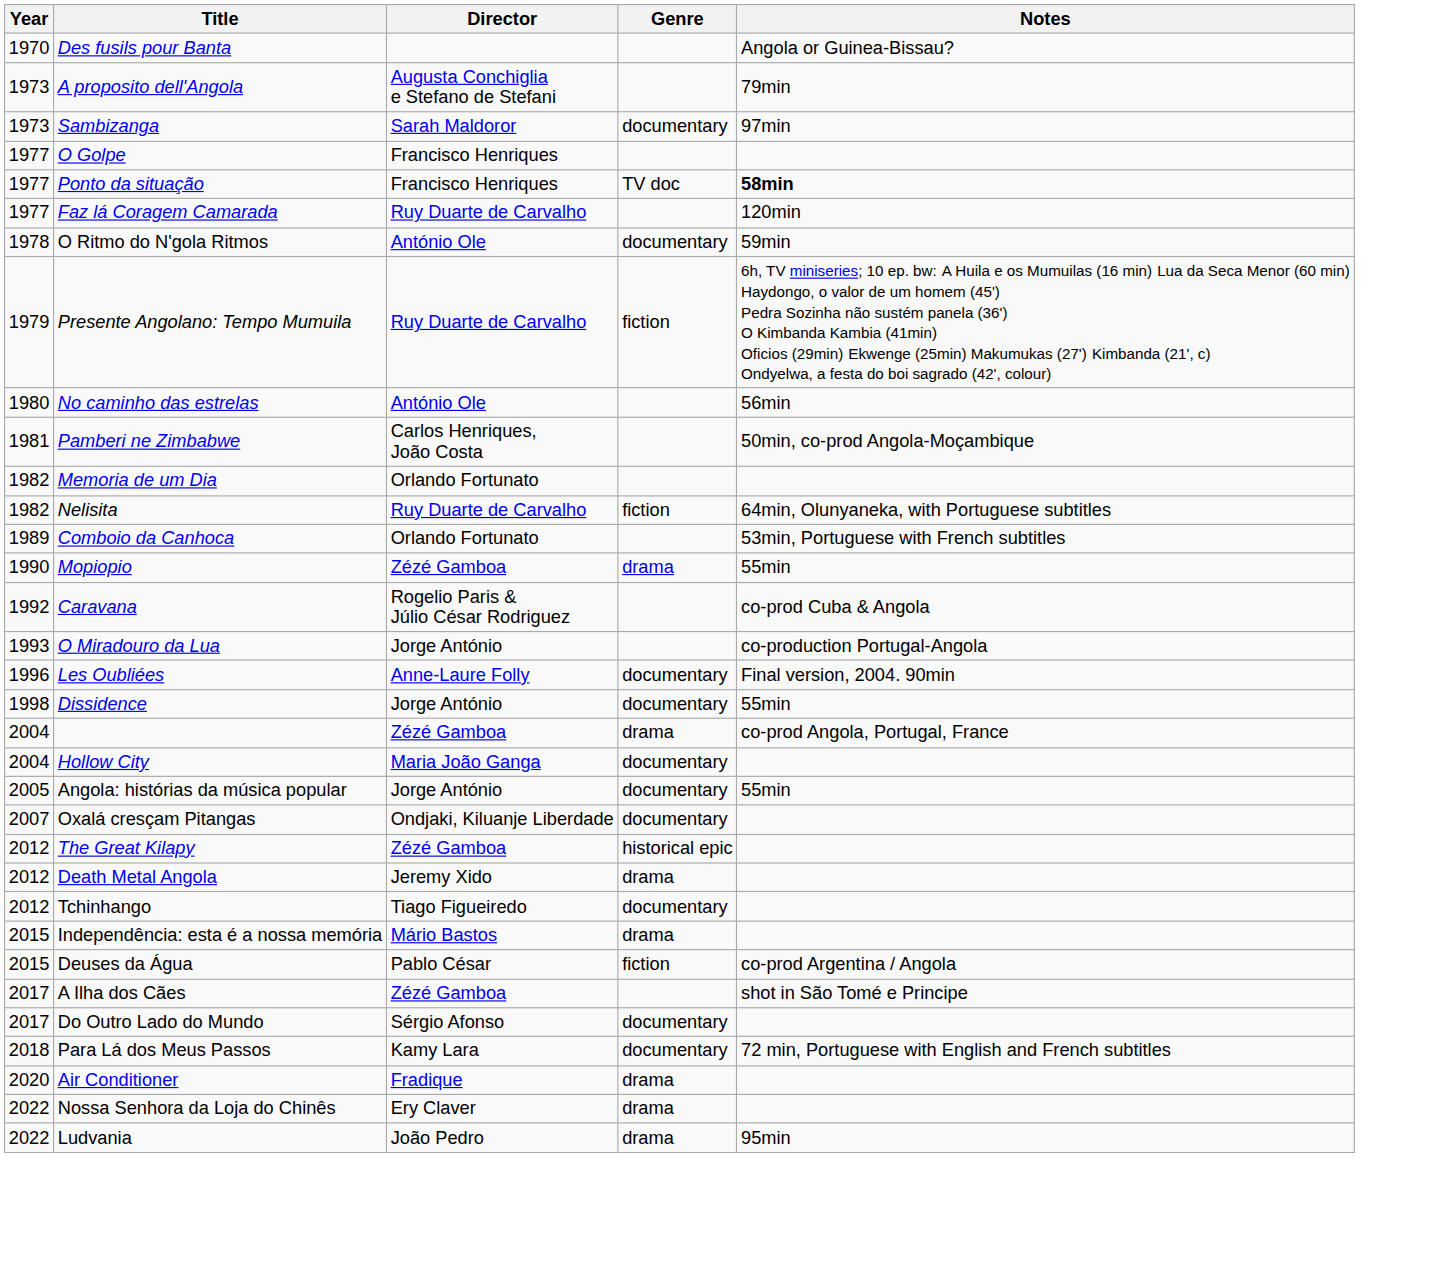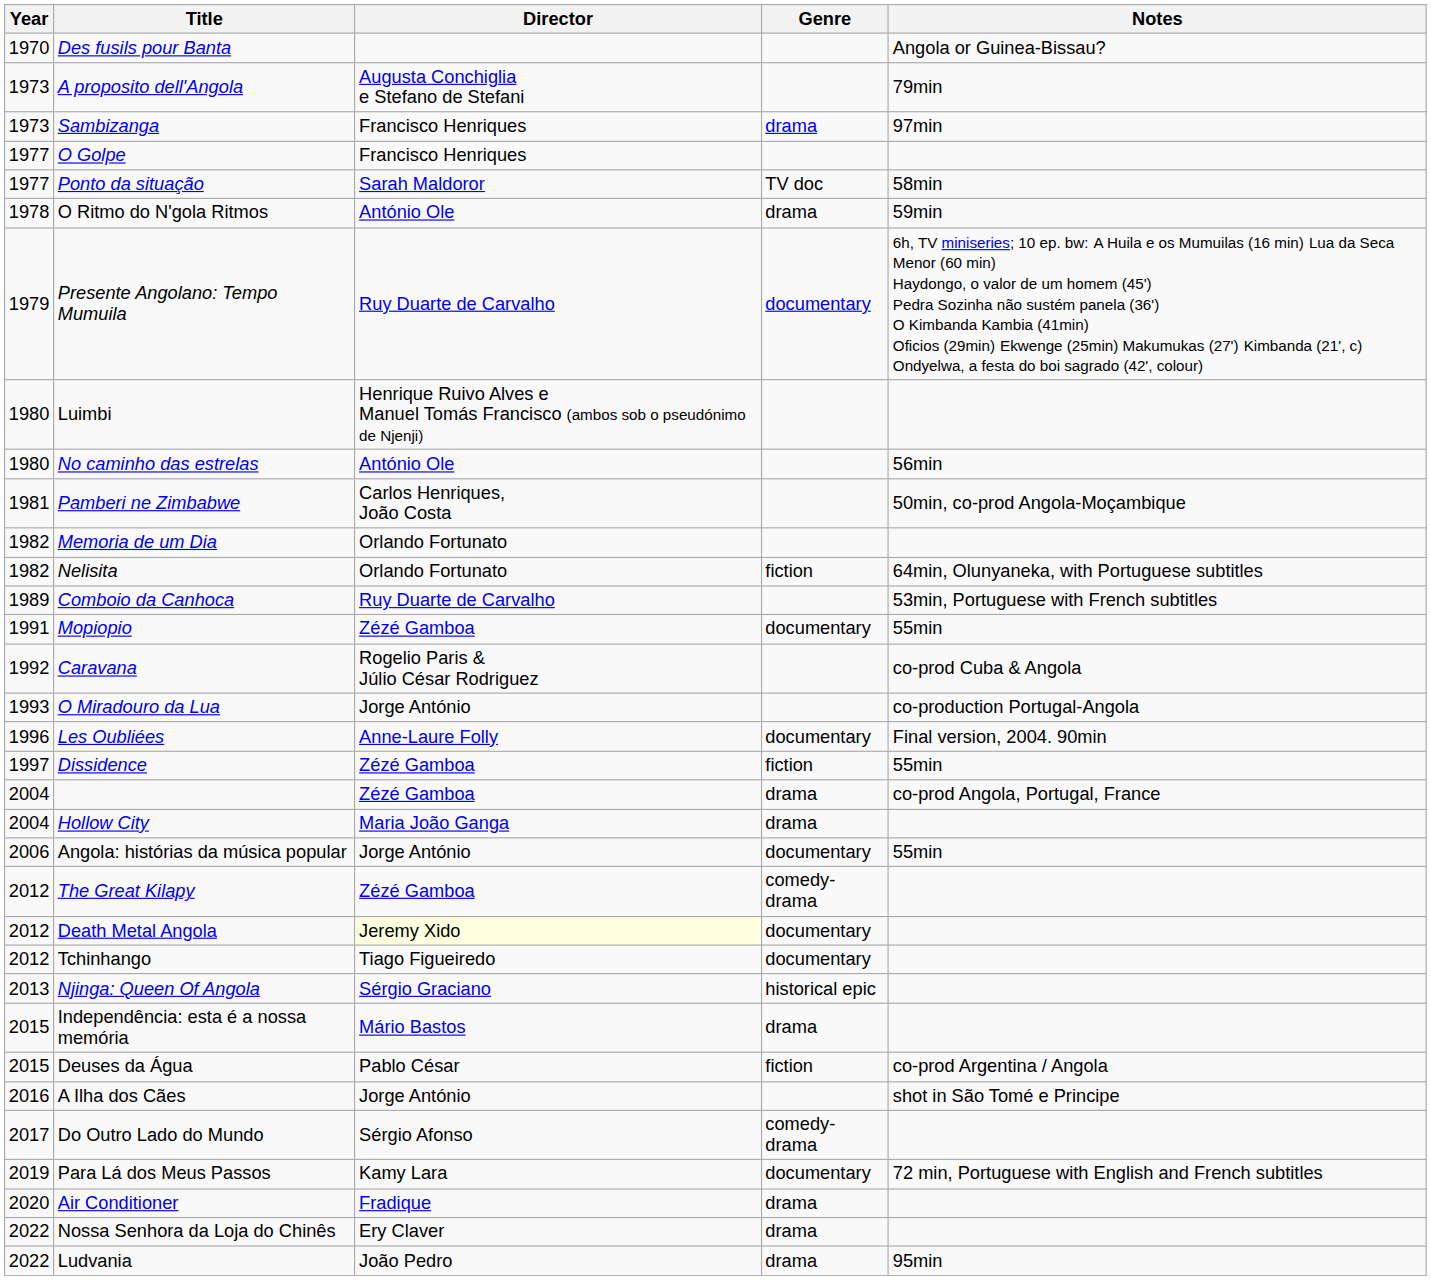 <table class="wikitable sortable sticky-header">
 <tr>
 <th>Year</th>
 <th>Title</th>
 <th>Director</th>
 <th>Genre</th>
 <th class="unsortable">Notes</th>
 </tr>
 <tr>
 <td>1970</td>
 <td><em><a href='#'>Des fusils pour Banta</a></em></td>
 <td></td>
 <td></td>
 <td>Angola or Guinea-Bissau?</td>
 </tr>
 <tr>
 <td>1973</td>
 <td><em><a href='#'>A proposito dell'Angola</a></em></td>
 <td><a href='#'>Augusta Conchiglia</a><br>e Stefano de Stefani</td>
 <td></td>
 <td>79min</td>
 </tr>
 <tr>
 <td>1973</td>
 <td><em><a href='#'>Sambizanga</a></em></td>
-<td><a href='#'>Sarah Maldoror</a></td>
-<td>documentary</td>
+<td>Francisco Henriques</td>
+<td><a href='#'>drama</a></td>
 <td>97min</td>
 </tr>
 <tr>
 <td>1977</td>
 <td><em><a href='#'>O Golpe</a></em></td>
 <td>Francisco Henriques</td>
 <td></td>
 <td></td>
 </tr>
 <tr>
 <td>1977</td>
 <td><em><a href='#'>Ponto da situação</a></em></td>
-<td>Francisco Henriques</td>
+<td><a href='#'>Sarah Maldoror</a></td>
 <td>TV doc</td>
-<td><strong>58min</strong></td>
-</tr>
-<tr>
-<td>1977</td>
-<td><em><a href='#'>Faz lá Coragem Camarada</a></em></td>
-<td><a href='#'>Ruy Duarte de Carvalho</a></td>
-<td></td>
-<td>120min</td>
+<td>58min</td>
 </tr>
 <tr>
 <td>1978</td>
 <td>O Ritmo do N'gola Ritmos</td>
 <td><a href='#'>António Ole</a></td>
-<td>documentary</td>
+<td>drama</td>
 <td>59min</td>
 </tr>
 <tr>
 <td>1979</td>
 <td><em>Presente Angolano: Tempo Mumuila</em></td>
 <td><a href='#'>Ruy Duarte de Carvalho</a></td>
-<td>fiction</td>
+<td><a href='#'>documentary</a></td>
 <td><small>6h, TV <a href='#'>miniseries</a>; 10 ep. bw:</small> <small>A Huila e os Mumuilas (16 min)</small> <small>Lua da Seca Menor (60 min)</small><br><small>Haydongo, o valor de um homem (45')</small><br><small>Pedra Sozinha não sustém panela (36')</small><br><small>O Kimbanda Kambia (41min)</small><br><small>Oficios (29min)</small> <small>Ekwenge (25min) Makumukas (27')</small> <small>Kimbanda (21', c)</small><br><small>Ondyelwa, a festa do boi sagrado (42', colour)</small></td>
+</tr>
+<tr>
+<td>1980</td>
+<td>Luimbi</td>
+<td>Henrique Ruivo Alves e<br>Manuel Tomás Francisco <small>(ambos sob o pseudónimo</small>  <small>de Njenji)</small></td>
+<td></td>
+<td></td>
 </tr>
 <tr>
 <td>1980</td>
 <td><em><a href='#'>No caminho das estrelas</a></em></td>
 <td><a href='#'>António Ole</a></td>
 <td></td>
 <td>56min</td>
 </tr>
 <tr>
 <td>1981</td>
 <td><em><a href='#'>Pamberi ne Zimbabwe</a></em></td>
 <td>Carlos Henriques,<br>João Costa</td>
 <td></td>
 <td>50min, co-prod Angola-Moçambique</td>
 </tr>
 <tr>
 <td>1982</td>
 <td><em><a href='#'>Memoria de um Dia</a></em></td>
 <td>Orlando Fortunato</td>
 <td></td>
 <td></td>
 </tr>
 <tr>
 <td>1982</td>
 <td><em>Nelisita</em></td>
-<td><a href='#'>Ruy Duarte de Carvalho</a></td>
+<td>Orlando Fortunato</td>
 <td>fiction</td>
 <td>64min, Olunyaneka, with Portuguese subtitles</td>
 </tr>
 <tr>
 <td>1989</td>
 <td><em><a href='#'>Comboio da Canhoca</a></em></td>
-<td>Orlando Fortunato</td>
+<td><a href='#'>Ruy Duarte de Carvalho</a></td>
 <td></td>
 <td>53min, Portuguese with French subtitles</td>
 </tr>
 <tr>
-<td>1990</td>
+<td>1991</td>
 <td><em><a href='#'>Mopiopio</a></em></td>
 <td><a href='#'>Zézé Gamboa</a></td>
-<td><a href='#'>drama</a></td>
+<td>documentary</td>
 <td>55min</td>
 </tr>
 <tr>
 <td>1992</td>
 <td><em><a href='#'>Caravana</a></em></td>
 <td>Rogelio Paris &<br>Júlio César Rodriguez</td>
 <td></td>
 <td>co-prod Cuba & Angola</td>
 </tr>
 <tr>
 <td>1993</td>
 <td><em><a href='#'>O Miradouro da Lua</a></em></td>
 <td>Jorge António</td>
 <td></td>
 <td>co-production Portugal-Angola</td>
 </tr>
 <tr>
 <td>1996</td>
 <td><em><a href='#'>Les Oubliées</a></em></td>
 <td><a href='#'>Anne-Laure Folly</a></td>
 <td>documentary</td>
 <td>Final version, 2004. 90min</td>
 </tr>
 <tr>
-<td>1998</td>
+<td>1997</td>
 <td><em><a href='#'>Dissidence</a></em></td>
-<td>Jorge António</td>
-<td>documentary</td>
+<td><a href='#'>Zézé Gamboa</a></td>
+<td>fiction</td>
 <td>55min</td>
 </tr>
 <tr>
 <td>2004</td>
 <td></td>
 <td><a href='#'>Zézé Gamboa</a></td>
 <td>drama</td>
 <td>co-prod Angola, Portugal, France</td>
 </tr>
 <tr>
 <td>2004</td>
 <td><em><a href='#'>Hollow City</a></em></td>
 <td><a href='#'>Maria João Ganga</a></td>
-<td>documentary</td>
+<td>drama</td>
 <td></td>
 </tr>
 <tr>
-<td>2005</td>
+<td>2006</td>
 <td>Angola: histórias da música popular</td>
 <td>Jorge António</td>
 <td>documentary</td>
 <td>55min</td>
 </tr>
 <tr>
-<td>2007</td>
-<td>Oxalá cresçam Pitangas</td>
-<td>Ondjaki, Kiluanje Liberdade</td>
-<td>documentary</td>
-<td></td>
-</tr>
-<tr>
 <td>2012</td>
 <td><em><a href='#'>The Great Kilapy</a></em></td>
 <td><a href='#'>Zézé Gamboa</a></td>
-<td>historical epic</td>
+<td>comedy-drama</td>
 <td></td>
 </tr>
 <tr>
 <td>2012</td>
 <td><a href='#'>Death Metal Angola</a></td>
-<td>Jeremy Xido</td>
-<td>drama</td>
+<td style="background: lightyellow;">Jeremy Xido</td>
+<td>documentary</td>
 <td></td>
 </tr>
 <tr>
 <td>2012</td>
 <td>Tchinhango</td>
 <td>Tiago Figueiredo</td>
 <td>documentary</td>
+<td></td>
+</tr>
+<tr>
+<td>2013</td>
+<td><em><a href='#'>Njinga: Queen Of Angola</a></em></td>
+<td><a href='#'>Sérgio Graciano</a></td>
+<td>historical epic</td>
 <td></td>
 </tr>
 <tr>
 <td>2015</td>
 <td>Independência: esta é a nossa memória</td>
 <td><a href='#'>Mário Bastos</a></td>
 <td>drama</td>
 <td></td>
 </tr>
 <tr>
 <td>2015</td>
 <td>Deuses da Água</td>
 <td>Pablo César</td>
 <td>fiction</td>
 <td>co-prod Argentina / Angola</td>
 </tr>
 <tr>
-<td>2017</td>
+<td>2016</td>
 <td>A Ilha dos Cães</td>
-<td><a href='#'>Zézé Gamboa</a></td>
+<td>Jorge António</td>
 <td></td>
 <td>shot in São Tomé e Principe</td>
 </tr>
 <tr>
 <td>2017</td>
 <td>Do Outro Lado do Mundo</td>
 <td>Sérgio Afonso</td>
-<td>documentary</td>
+<td>comedy-drama</td>
 <td></td>
 </tr>
 <tr>
-<td>2018</td>
+<td>2019</td>
 <td>Para Lá dos Meus Passos</td>
 <td>Kamy Lara</td>
 <td>documentary</td>
 <td>72 min,  Portuguese with English and French subtitles</td>
 </tr>
 <tr>
 <td>2020</td>
 <td><a href='#'>Air Conditioner</a></td>
 <td><a href='#'>Fradique</a></td>
 <td>drama</td>
 <td></td>
 </tr>
 <tr>
 <td>2022</td>
 <td>Nossa Senhora da Loja do Chinês</td>
 <td>Ery Claver</td>
 <td>drama</td>
 <td></td>
 </tr>
 <tr>
 <td>2022</td>
 <td>Ludvania</td>
 <td>João Pedro</td>
 <td>drama</td>
 <td>95min</td>
 </tr>
 </table>
